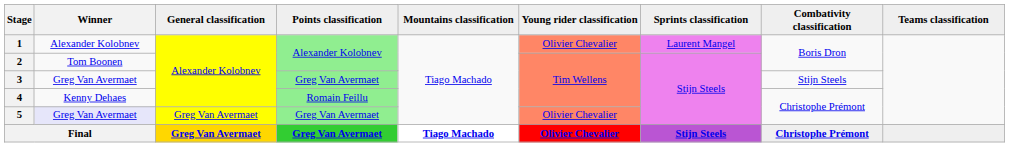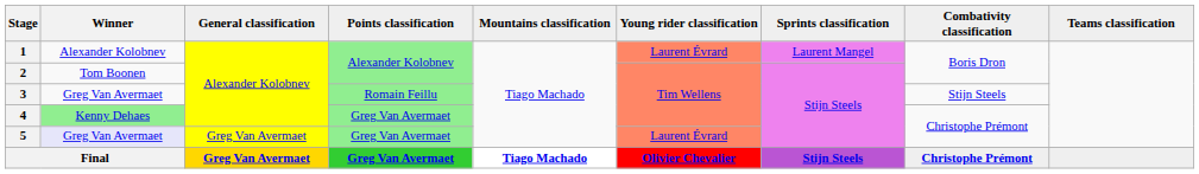 <table class="wikitable" style="text-align: center; font-size:smaller;">
 <tr>
 <th style="width:2%;">Stage</th>
 <th style="width:12.25%;">Winner</th>
 <th style="background:#efefef; width:12.25%;">General classification<br></th>
 <th style="background:#efefef; width:12.25%;">Points classification<br></th>
 <th style="background:#efefef; width:12.25%;">Mountains classification<br></th>
 <th style="background:#efefef; width:12.25%;">Young rider classification<br></th>
 <th style="background:#efefef; width:12.25%;">Sprints classification<br></th>
 <th style="background:#efefef; width:12.25%;">Combativity classification</th>
 <th style="background:#efefef; width:12.25%;">Teams classification</th>
 </tr>
 <tr>
 <th>1</th>
 <td><a href='#'>Alexander Kolobnev</a></td>
 <td style="background:yellow;" rowspan=4><a href='#'>Alexander Kolobnev</a></td>
 <td style="background:lightgreen;" rowspan=2><a href='#'>Alexander Kolobnev</a></td>
 <td style="background:offwhite;" rowspan=5><a href='#'>Tiago Machado</a></td>
-<td style="background:#FF8666;"><a href='#'>Olivier Chevalier</a></td>
+<td style="background:#FF8666;"><a href='#'>Laurent Évrard</a></td>
 <td style="background:violet;"><a href='#'>Laurent Mangel</a></td>
 <td rowspan=2><a href='#'>Boris Dron</a></td>
 <td rowspan=5></td>
 </tr>
 <tr>
 <th>2</th>
 <td><a href='#'>Tom Boonen</a></td>
 <td style="background:#FF8666;" rowspan=3><a href='#'>Tim Wellens</a></td>
 <td style="background:violet;" rowspan=4><a href='#'>Stijn Steels</a></td>
 </tr>
 <tr>
 <th>3</th>
 <td><a href='#'>Greg Van Avermaet</a></td>
-<td style="background:lightgreen;"><a href='#'>Greg Van Avermaet</a></td>
+<td style="background:lightgreen;"><a href='#'>Romain Feillu</a></td>
 <td><a href='#'>Stijn Steels</a></td>
 </tr>
 <tr>
 <th>4</th>
-<td><a href='#'>Kenny Dehaes</a></td>
-<td style="background:lightgreen;"><a href='#'>Romain Feillu</a></td>
+<td style="background: lightgreen;"><a href='#'>Kenny Dehaes</a></td>
+<td style="background:lightgreen;"><a href='#'>Greg Van Avermaet</a></td>
 <td rowspan=2><a href='#'>Christophe Prémont</a></td>
 </tr>
 <tr>
 <th>5</th>
 <td style="background: lavender;"><a href='#'>Greg Van Avermaet</a></td>
 <td style="background:yellow;"><a href='#'>Greg Van Avermaet</a></td>
 <td style="background:lightgreen;"><a href='#'>Greg Van Avermaet</a></td>
-<td style="background:#FF8666;"><a href='#'>Olivier Chevalier</a></td>
+<td style="background:#FF8666;"><a href='#'>Laurent Évrard</a></td>
 </tr>
 <tr>
 <th colspan=2>Final</th>
 <th style="background:gold"><a href='#'>Greg Van Avermaet</a></th>
 <th style="background:limegreen"><a href='#'>Greg Van Avermaet</a></th>
 <th style="background:white"><a href='#'>Tiago Machado</a></th>
 <th style="background:red;"><a href='#'>Olivier Chevalier</a></th>
 <th style="background:mediumorchid;"><a href='#'>Stijn Steels</a></th>
 <th style="background:#efefef;"><a href='#'>Christophe Prémont</a></th>
 <th style="background:#efefef;"></th>
 </tr>
 </table>
